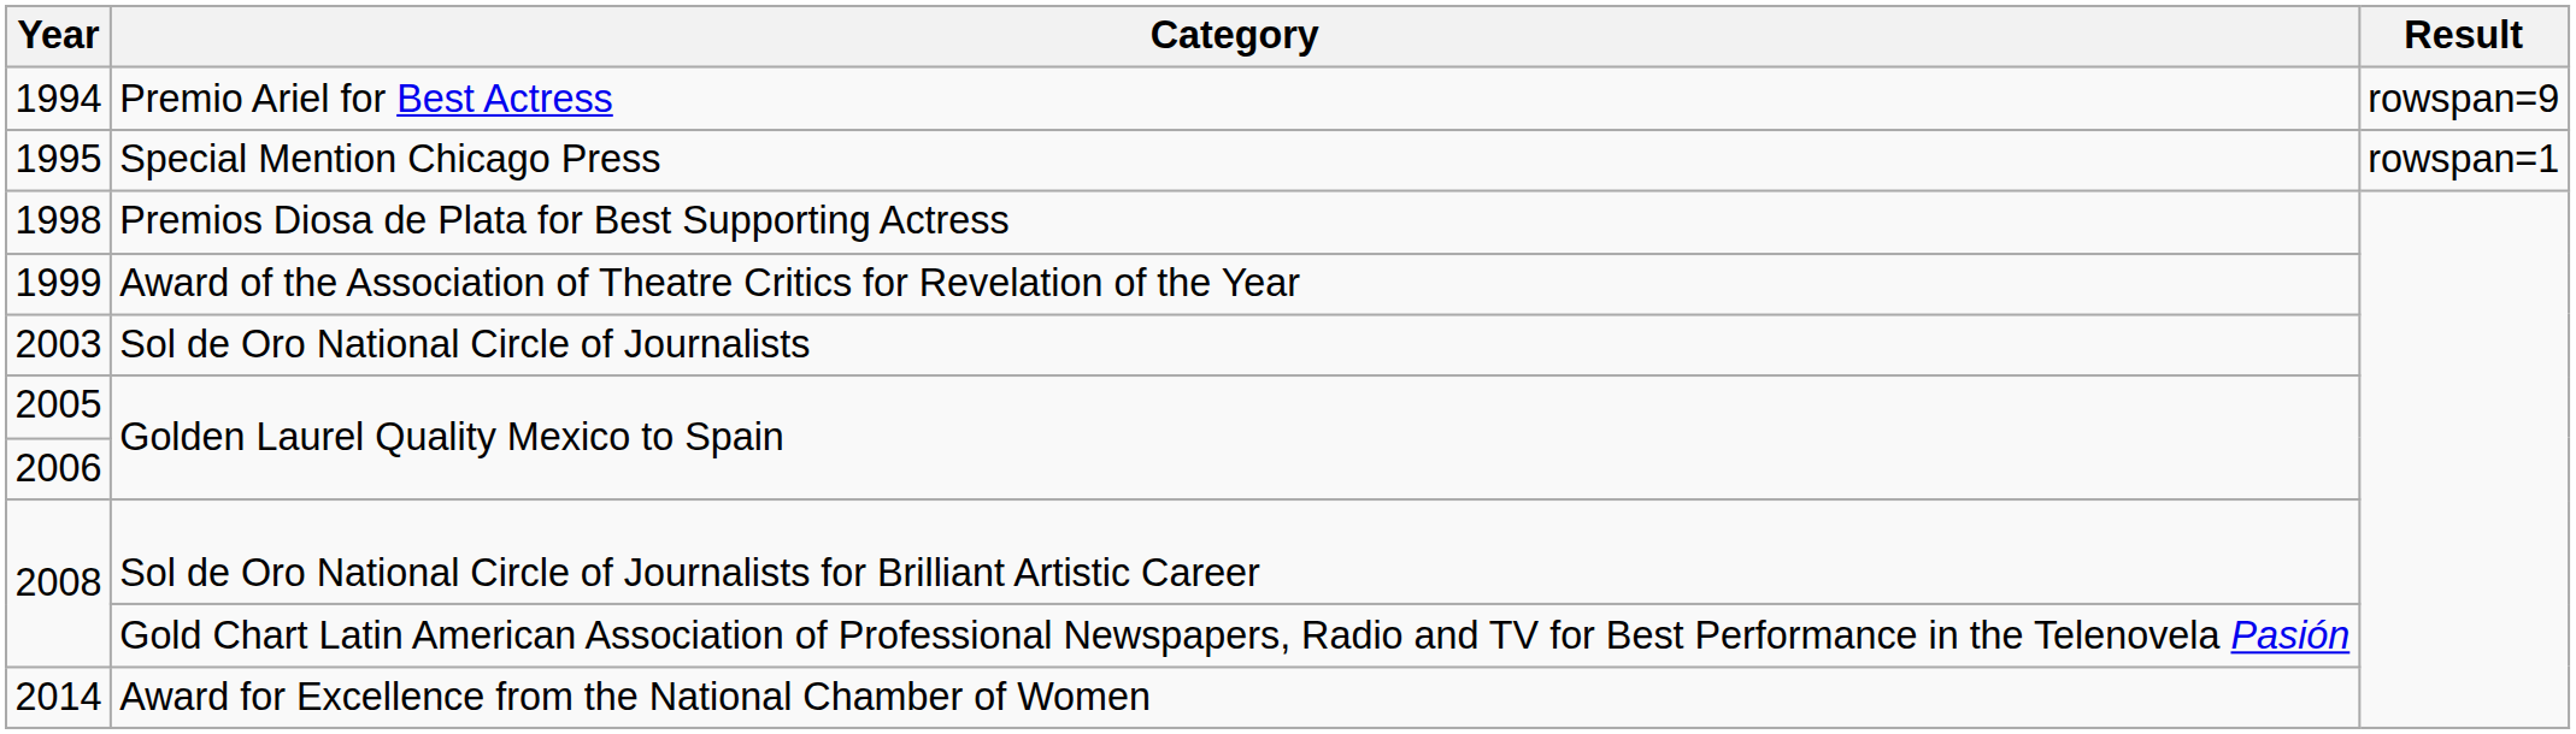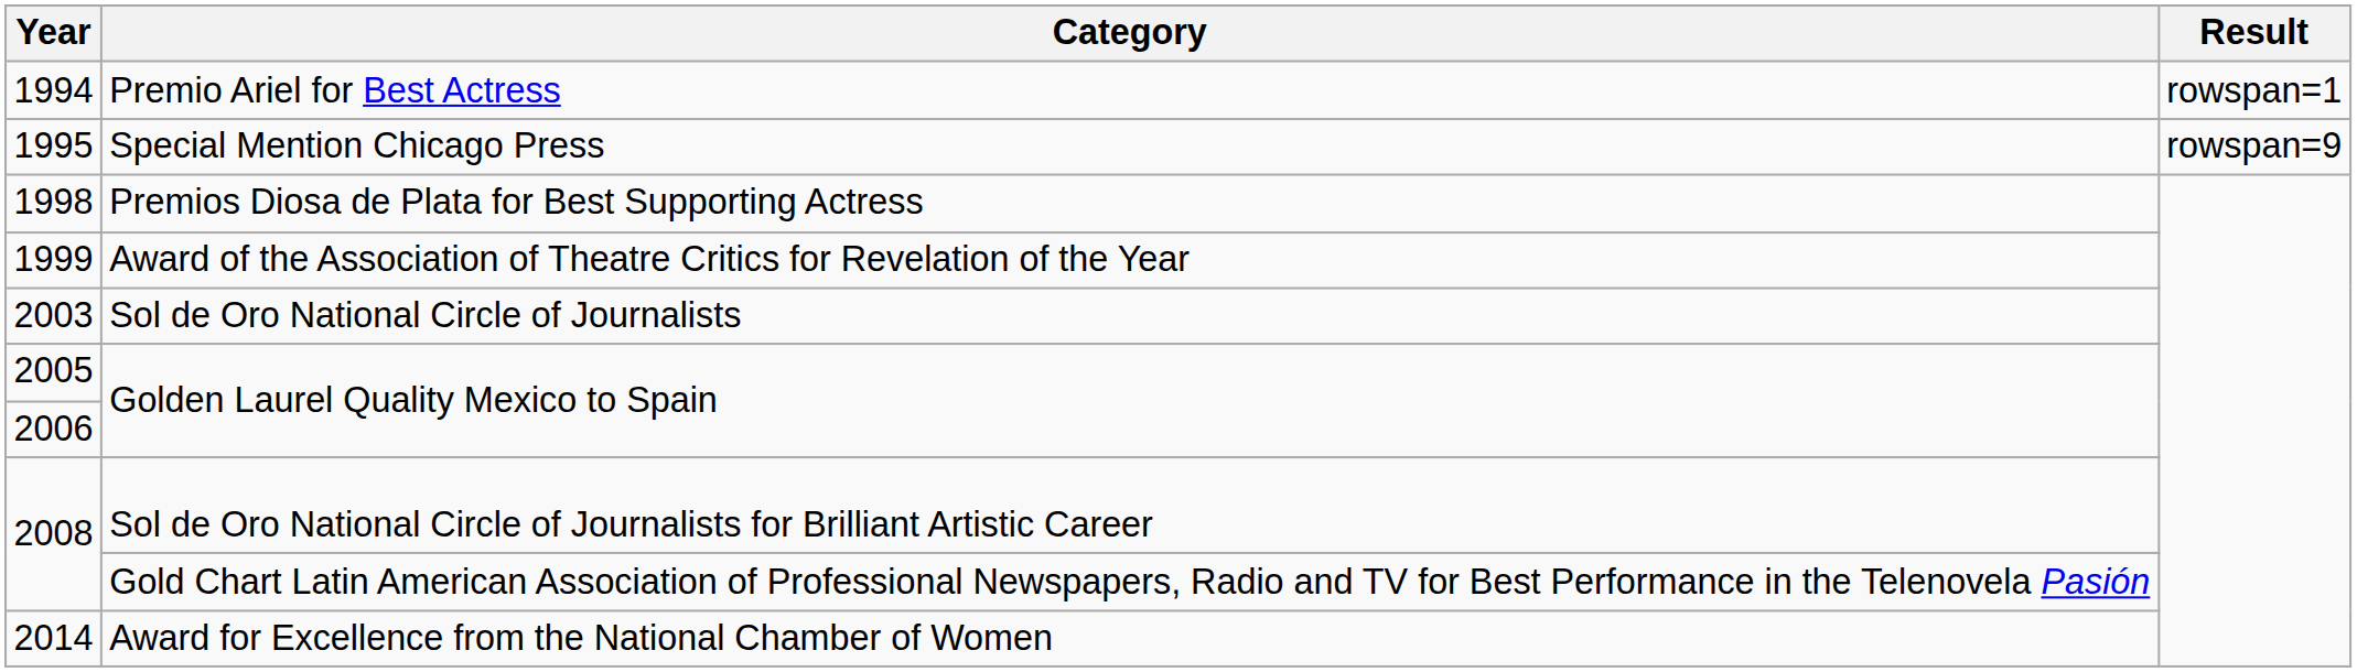 <table class="wikitable">
 <tr>
 <th>Year</th>
 <th>Category</th>
 <th>Result</th>
 </tr>
 <tr>
 <td>1994</td>
 <td>Premio Ariel for <a href='#'>Best Actress</a></td>
-<td>rowspan=9 </td>
+<td>rowspan=1 </td>
 </tr>
 <tr>
 <td>1995</td>
 <td>Special Mention Chicago Press</td>
-<td>rowspan=1 </td>
+<td>rowspan=9 </td>
 </tr>
 <tr>
 <td>1998</td>
 <td>Premios Diosa de Plata for Best Supporting Actress</td>
 </tr>
 <tr>
 <td>1999</td>
 <td>Award of the Association of Theatre Critics for Revelation of the Year</td>
 </tr>
 <tr>
 <td>2003</td>
 <td>Sol de Oro National Circle of Journalists</td>
 </tr>
 <tr>
 <td>2005</td>
 <td rowspan=2>Golden Laurel Quality Mexico to Spain</td>
 </tr>
 <tr>
 <td>2006</td>
 </tr>
 <tr>
 <td rowspan=2>2008</td>
 <td><br>Sol de Oro National Circle of Journalists for Brilliant Artistic Career</td>
 </tr>
 <tr>
 <td>Gold Chart Latin American Association of Professional Newspapers, Radio and TV for Best Performance in the Telenovela <em><a href='#'>Pasión</a></em></td>
 </tr>
 <tr>
 <td>2014</td>
 <td>Award for Excellence from the National Chamber of Women</td>
 </tr>
 </table>
